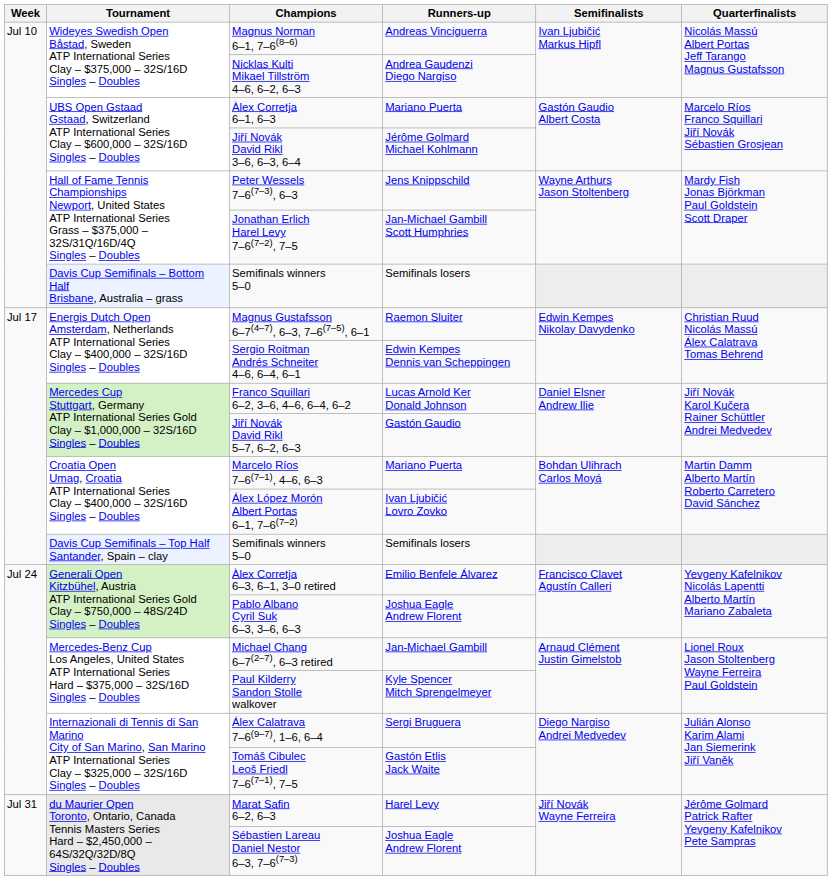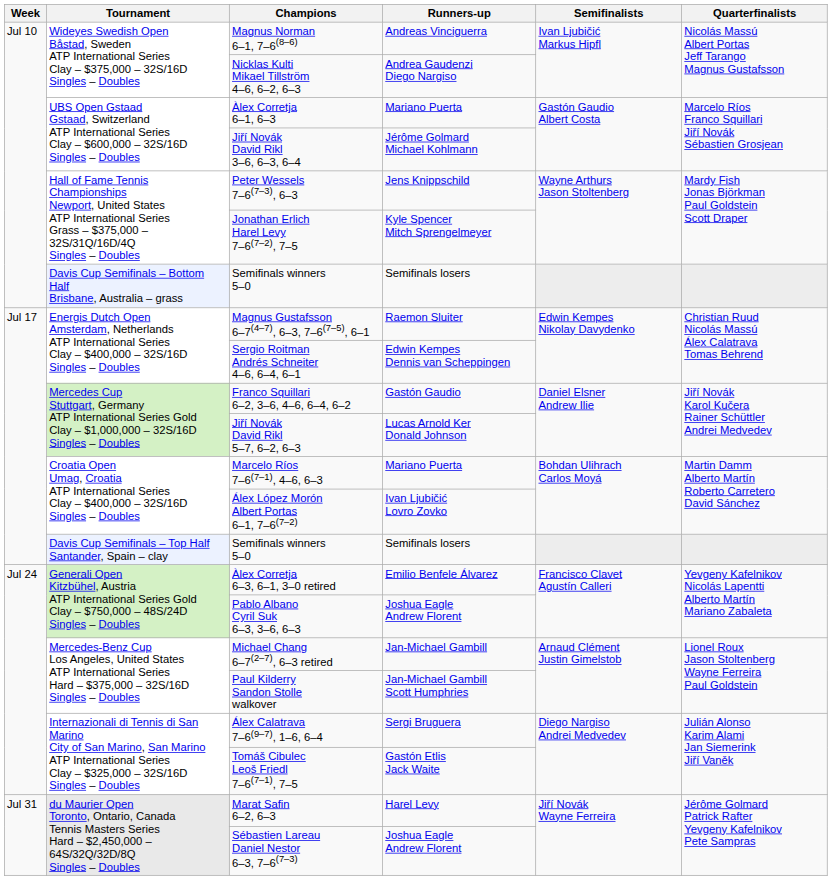 <table class=wikitable style=font-size:95%>
 <tr>
 <th style="width:50px;">Week</th>
 <th style="width:240px;">Tournament</th>
 <th style="width:200px;">Champions</th>
 <th style="width:200px;">Runners-up</th>
 <th style="width:190px;">Semifinalists</th>
 <th style="width:190px;">Quarterfinalists</th>
 </tr>
 <tr valign=top>
 <td rowspan=7>Jul 10</td>
 <td bgcolor=#ffffff rowspan=2><a href='#'>Wideyes Swedish Open</a><br> <a href='#'>Båstad</a>, Sweden<br>ATP International Series<br>Clay – $375,000 – 32S/16D<br><a href='#'>Singles</a> – <a href='#'>Doubles</a></td>
 <td> <a href='#'>Magnus Norman</a><br>6–1, 7–6<sup>(8–6)</sup></td>
 <td> <a href='#'>Andreas Vinciguerra</a></td>
 <td rowspan=2> <a href='#'>Ivan Ljubičić</a><br> <a href='#'>Markus Hipfl</a></td>
 <td rowspan=2> <a href='#'>Nicolás Massú</a><br> <a href='#'>Albert Portas</a><br> <a href='#'>Jeff Tarango</a><br> <a href='#'>Magnus Gustafsson</a></td>
 </tr>
 <tr valign=top>
 <td> <a href='#'>Nicklas Kulti</a><br> <a href='#'>Mikael Tillström</a><br>4–6, 6–2, 6–3</td>
 <td> <a href='#'>Andrea Gaudenzi</a><br> <a href='#'>Diego Nargiso</a></td>
 </tr>
 <tr valign=top>
 <td bgcolor=#ffffff rowspan=2><a href='#'>UBS Open Gstaad</a><br> <a href='#'>Gstaad</a>, Switzerland<br>ATP International Series<br>Clay – $600,000 – 32S/16D<br><a href='#'>Singles</a> – <a href='#'>Doubles</a></td>
 <td> <a href='#'>Àlex Corretja</a><br>6–1, 6–3</td>
 <td> <a href='#'>Mariano Puerta</a></td>
 <td rowspan=2> <a href='#'>Gastón Gaudio</a><br> <a href='#'>Albert Costa</a></td>
 <td rowspan=2> <a href='#'>Marcelo Ríos</a><br> <a href='#'>Franco Squillari</a><br> <a href='#'>Jiří Novák</a><br>  <a href='#'>Sébastien Grosjean</a></td>
 </tr>
 <tr valign=top>
 <td> <a href='#'>Jiří Novák</a><br> <a href='#'>David Rikl</a><br>3–6, 6–3, 6–4</td>
 <td> <a href='#'>Jérôme Golmard</a><br> <a href='#'>Michael Kohlmann</a></td>
 </tr>
 <tr valign=top>
 <td bgcolor=#ffffff rowspan=2><a href='#'>Hall of Fame Tennis Championships</a><br><a href='#'>Newport</a>, United States<br>ATP International Series<br>Grass – $375,000 – 32S/31Q/16D/4Q<br><a href='#'>Singles</a> – <a href='#'>Doubles</a></td>
 <td> <a href='#'>Peter Wessels</a><br>7–6<sup>(7–3)</sup>, 6–3</td>
 <td> <a href='#'>Jens Knippschild</a></td>
 <td rowspan=2> <a href='#'>Wayne Arthurs</a><br> <a href='#'>Jason Stoltenberg</a></td>
 <td rowspan=2> <a href='#'>Mardy Fish</a><br> <a href='#'>Jonas Björkman</a><br> <a href='#'>Paul Goldstein</a><br> <a href='#'>Scott Draper</a></td>
 </tr>
 <tr valign=top>
 <td> <a href='#'>Jonathan Erlich</a><br> <a href='#'>Harel Levy</a><br>7–6<sup>(7–2)</sup>, 7–5</td>
-<td> <a href='#'>Jan-Michael Gambill</a><br> <a href='#'>Scott Humphries</a></td>
+<td> <a href='#'>Kyle Spencer</a><br> <a href='#'>Mitch Sprengelmeyer</a></td>
 </tr>
 <tr valign=top>
 <td style="background:#ecf2ff;"  rowspan=1><a href='#'>Davis Cup Semifinals – Bottom Half</a><br> <a href='#'>Brisbane</a>, Australia – grass</td>
 <td><span>Semifinals winners</span><br> 5–0</td>
 <td><span>Semifinals losers</span><br></td>
 <td bgcolor=#ededed></td>
 <td bgcolor=#ededed></td>
 </tr>
 <tr valign=top>
 <td rowspan=7>Jul 17</td>
 <td bgcolor=#ffffff rowspan=2><a href='#'>Energis Dutch Open</a><br> <a href='#'>Amsterdam</a>, Netherlands<br>ATP International Series<br>Clay – $400,000 – 32S/16D<br><a href='#'>Singles</a> – <a href='#'>Doubles</a></td>
 <td> <a href='#'>Magnus Gustafsson</a><br>6–7<sup>(4–7)</sup>, 6–3, 7–6<sup>(7–5)</sup>, 6–1</td>
 <td> <a href='#'>Raemon Sluiter</a></td>
 <td rowspan=2> <a href='#'>Edwin Kempes</a><br> <a href='#'>Nikolay Davydenko</a></td>
 <td rowspan=2> <a href='#'>Christian Ruud</a><br> <a href='#'>Nicolás Massú</a><br> <a href='#'>Álex Calatrava</a><br> <a href='#'>Tomas Behrend</a></td>
 </tr>
 <tr valign=top>
 <td> <a href='#'>Sergio Roitman</a><br> <a href='#'>Andrés Schneiter</a><br>4–6, 6–4, 6–1</td>
 <td> <a href='#'>Edwin Kempes</a><br> <a href='#'>Dennis van Scheppingen</a></td>
 </tr>
 <tr valign=top>
 <td style="background:#d4f1c5;"  rowspan=2><a href='#'>Mercedes Cup</a><br> <a href='#'>Stuttgart</a>, Germany<br>ATP International Series Gold<br>Clay – $1,000,000 – 32S/16D<br><a href='#'>Singles</a> – <a href='#'>Doubles</a></td>
 <td> <a href='#'>Franco Squillari</a><br>6–2, 3–6, 4–6, 6–4, 6–2</td>
-<td> <a href='#'>Lucas Arnold Ker</a><br> <a href='#'>Donald Johnson</a></td>
+<td> <a href='#'>Gastón Gaudio</a></td>
 <td rowspan=2> <a href='#'>Daniel Elsner</a><br> <a href='#'>Andrew Ilie</a></td>
 <td rowspan=2> <a href='#'>Jiří Novák</a><br> <a href='#'>Karol Kučera</a><br> <a href='#'>Rainer Schüttler</a><br> <a href='#'>Andrei Medvedev</a></td>
 </tr>
 <tr valign=top>
 <td> <a href='#'>Jiří Novák</a><br> <a href='#'>David Rikl</a><br>5–7, 6–2, 6–3</td>
-<td> <a href='#'>Gastón Gaudio</a></td>
+<td> <a href='#'>Lucas Arnold Ker</a><br> <a href='#'>Donald Johnson</a></td>
 </tr>
 <tr valign=top>
 <td bgcolor=#ffffff rowspan=2><a href='#'>Croatia Open</a><br> <a href='#'>Umag</a>, <a href='#'>Croatia</a><br>ATP International Series<br>Clay – $400,000 – 32S/16D<br><a href='#'>Singles</a> – <a href='#'>Doubles</a></td>
 <td> <a href='#'>Marcelo Ríos</a><br>7–6<sup>(7–1)</sup>, 4–6, 6–3</td>
 <td> <a href='#'>Mariano Puerta</a></td>
 <td rowspan=2> <a href='#'>Bohdan Ulihrach</a><br> <a href='#'>Carlos Moyá</a></td>
 <td rowspan=2> <a href='#'>Martin Damm</a><br> <a href='#'>Alberto Martín</a> <br> <a href='#'>Roberto Carretero</a><br> <a href='#'>David Sánchez</a></td>
 </tr>
 <tr valign=top>
 <td> <a href='#'>Álex López Morón</a><br> <a href='#'>Albert Portas</a><br>6–1, 7–6<sup>(7–2)</sup></td>
 <td> <a href='#'>Ivan Ljubičić</a><br> <a href='#'>Lovro Zovko</a></td>
 </tr>
 <tr valign=top>
 <td style="background:#ecf2ff;"  rowspan=1><a href='#'>Davis Cup Semifinals – Top Half</a><br> <a href='#'>Santander</a>, Spain – clay</td>
 <td><span>Semifinals winners</span><br> 5–0</td>
 <td><span>Semifinals losers</span><br></td>
 <td bgcolor=#ededed></td>
 <td bgcolor=#ededed></td>
 </tr>
 <tr valign=top>
 <td rowspan=6>Jul 24</td>
 <td style="background:#d4f1c5;"  rowspan=2><a href='#'>Generali Open</a><br> <a href='#'>Kitzbühel</a>, Austria<br>ATP International Series Gold<br>Clay – $750,000 – 48S/24D<br><a href='#'>Singles</a> – <a href='#'>Doubles</a></td>
 <td> <a href='#'>Àlex Corretja</a><br>6–3, 6–1, 3–0 retired</td>
 <td> <a href='#'>Emilio Benfele Álvarez</a></td>
 <td rowspan=2> <a href='#'>Francisco Clavet</a><br> <a href='#'>Agustín Calleri</a></td>
 <td rowspan=2> <a href='#'>Yevgeny Kafelnikov</a><br> <a href='#'>Nicolás Lapentti</a><br> <a href='#'>Alberto Martín</a><br> <a href='#'>Mariano Zabaleta</a></td>
 </tr>
 <tr valign=top>
 <td> <a href='#'>Pablo Albano</a><br> <a href='#'>Cyril Suk</a><br>6–3, 3–6, 6–3</td>
 <td> <a href='#'>Joshua Eagle</a><br> <a href='#'>Andrew Florent</a></td>
 </tr>
 <tr valign=top>
 <td bgcolor=#ffffff rowspan=2><a href='#'>Mercedes-Benz Cup</a><br> Los Angeles, United States<br>ATP International Series<br>Hard – $375,000 – 32S/16D<br><a href='#'>Singles</a> – <a href='#'>Doubles</a></td>
 <td> <a href='#'>Michael Chang</a><br>6–7<sup>(2–7)</sup>, 6–3 retired</td>
 <td> <a href='#'>Jan-Michael Gambill</a></td>
 <td rowspan=2> <a href='#'>Arnaud Clément</a><br> <a href='#'>Justin Gimelstob</a></td>
 <td rowspan=2> <a href='#'>Lionel Roux</a><br> <a href='#'>Jason Stoltenberg</a><br> <a href='#'>Wayne Ferreira</a><br> <a href='#'>Paul Goldstein</a></td>
 </tr>
 <tr valign=top>
 <td> <a href='#'>Paul Kilderry</a><br> <a href='#'>Sandon Stolle</a><br>walkover</td>
-<td> <a href='#'>Kyle Spencer</a><br> <a href='#'>Mitch Sprengelmeyer</a></td>
+<td> <a href='#'>Jan-Michael Gambill</a><br> <a href='#'>Scott Humphries</a></td>
 </tr>
 <tr valign=top>
 <td bgcolor=#ffffff rowspan=2><a href='#'>Internazionali di Tennis di San Marino</a><br> <a href='#'>City of San Marino</a>, <a href='#'>San Marino</a><br>ATP International Series<br>Clay – $325,000 – 32S/16D<br><a href='#'>Singles</a> – <a href='#'>Doubles</a></td>
 <td> <a href='#'>Álex Calatrava</a><br>7–6<sup>(9–7)</sup>, 1–6, 6–4</td>
 <td> <a href='#'>Sergi Bruguera</a></td>
 <td rowspan=2> <a href='#'>Diego Nargiso</a><br> <a href='#'>Andrei Medvedev</a></td>
 <td rowspan=2> <a href='#'>Julián Alonso</a><br> <a href='#'>Karim Alami</a><br> <a href='#'>Jan Siemerink</a><br> <a href='#'>Jiří Vaněk</a></td>
 </tr>
 <tr valign=top>
 <td> <a href='#'>Tomáš Cibulec</a><br> <a href='#'>Leoš Friedl</a><br>7–6<sup>(7–1)</sup>, 7–5</td>
 <td> <a href='#'>Gastón Etlis</a><br> <a href='#'>Jack Waite</a></td>
 </tr>
 <tr valign=top>
 <td rowspan=2>Jul 31</td>
 <td style="background:#e9e9e9;" rowspan=2><a href='#'>du Maurier Open</a><br><a href='#'>Toronto</a>, Ontario, Canada<br>Tennis Masters Series<br>Hard – $2,450,000 – 64S/32Q/32D/8Q<br><a href='#'>Singles</a> – <a href='#'>Doubles</a></td>
 <td> <a href='#'>Marat Safin</a><br>6–2, 6–3</td>
 <td> <a href='#'>Harel Levy</a></td>
 <td rowspan=2> <a href='#'>Jiří Novák</a><br> <a href='#'>Wayne Ferreira</a></td>
 <td rowspan=2> <a href='#'>Jérôme Golmard</a><br> <a href='#'>Patrick Rafter</a><br> <a href='#'>Yevgeny Kafelnikov</a><br> <a href='#'>Pete Sampras</a></td>
 </tr>
 <tr valign=top>
 <td> <a href='#'>Sébastien Lareau</a><br> <a href='#'>Daniel Nestor</a><br>6–3, 7–6<sup>(7–3)</sup></td>
 <td> <a href='#'>Joshua Eagle</a><br> <a href='#'>Andrew Florent</a></td>
 </tr>
 </table>
